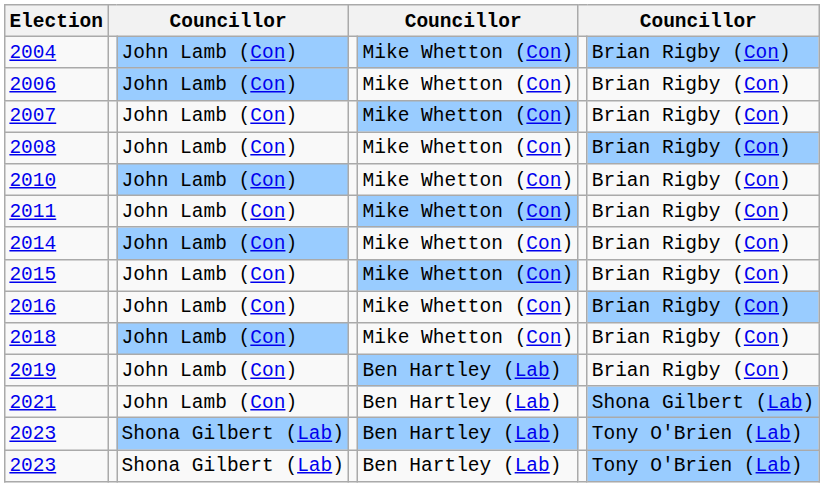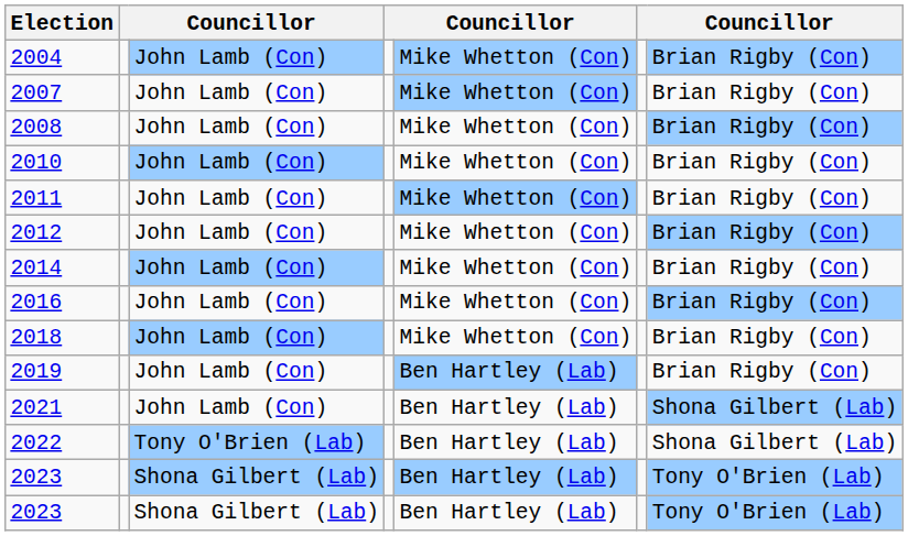 <table class="wikitable">
 <tr>
 <th>Election</th>
 <th colspan="2">Councillor</th>
 <th colspan="2">Councillor</th>
 <th colspan="2">Councillor</th>
 </tr>
 <tr>
 <td><a href='#'>2004</a></td>
 <td style="background-color: "></td>
 <td bgcolor="#99CCFF">John Lamb (<a href='#'>Con</a>)</td>
 <td style="background-color: "></td>
 <td bgcolor="#99CCFF">Mike Whetton (<a href='#'>Con</a>)</td>
 <td style="background-color: "></td>
 <td bgcolor="#99CCFF">Brian Rigby (<a href='#'>Con</a>)</td>
-</tr>
-<tr>
-<td><a href='#'>2006</a></td>
-<td style="background-color: "></td>
-<td bgcolor="#99CCFF">John Lamb (<a href='#'>Con</a>)</td>
-<td style="background-color: "></td>
-<td>Mike Whetton (<a href='#'>Con</a>)</td>
-<td style="background-color: "></td>
-<td>Brian Rigby (<a href='#'>Con</a>)</td>
 </tr>
 <tr>
 <td><a href='#'>2007</a></td>
 <td style="background-color: "></td>
 <td>John Lamb (<a href='#'>Con</a>)</td>
 <td style="background-color: "></td>
 <td bgcolor="#99CCFF">Mike Whetton (<a href='#'>Con</a>)</td>
 <td style="background-color: "></td>
 <td>Brian Rigby (<a href='#'>Con</a>)</td>
 </tr>
 <tr>
 <td><a href='#'>2008</a></td>
 <td style="background-color: "></td>
 <td>John Lamb (<a href='#'>Con</a>)</td>
 <td style="background-color: "></td>
 <td>Mike Whetton (<a href='#'>Con</a>)</td>
 <td style="background-color: "></td>
 <td bgcolor="#99CCFF">Brian Rigby (<a href='#'>Con</a>)</td>
 </tr>
 <tr>
 <td><a href='#'>2010</a></td>
 <td style="background-color: "></td>
 <td bgcolor="#99CCFF">John Lamb (<a href='#'>Con</a>)</td>
 <td style="background-color: "></td>
 <td>Mike Whetton (<a href='#'>Con</a>)</td>
 <td style="background-color: "></td>
 <td>Brian Rigby (<a href='#'>Con</a>)</td>
 </tr>
 <tr>
 <td><a href='#'>2011</a></td>
 <td style="background-color: "></td>
 <td>John Lamb (<a href='#'>Con</a>)</td>
 <td style="background-color: "></td>
 <td bgcolor="#99CCFF">Mike Whetton (<a href='#'>Con</a>)</td>
 <td style="background-color: "></td>
 <td>Brian Rigby (<a href='#'>Con</a>)</td>
 </tr>
 <tr>
+<td><a href='#'>2012</a></td>
+<td style="background-color: "></td>
+<td>John Lamb (<a href='#'>Con</a>)</td>
+<td style="background-color: "></td>
+<td>Mike Whetton (<a href='#'>Con</a>)</td>
+<td style="background-color: "></td>
+<td bgcolor="#99CCFF">Brian Rigby (<a href='#'>Con</a>)</td>
+</tr>
+<tr>
 <td><a href='#'>2014</a></td>
 <td style="background-color: "></td>
 <td bgcolor="#99CCFF">John Lamb (<a href='#'>Con</a>)</td>
 <td style="background-color: "></td>
 <td>Mike Whetton (<a href='#'>Con</a>)</td>
-<td style="background-color: "></td>
-<td>Brian Rigby (<a href='#'>Con</a>)</td>
-</tr>
-<tr>
-<td><a href='#'>2015</a></td>
-<td style="background-color: "></td>
-<td>John Lamb (<a href='#'>Con</a>)</td>
-<td style="background-color: "></td>
-<td bgcolor="#99CCFF">Mike Whetton (<a href='#'>Con</a>)</td>
 <td style="background-color: "></td>
 <td>Brian Rigby (<a href='#'>Con</a>)</td>
 </tr>
 <tr>
 <td><a href='#'>2016</a></td>
 <td style="background-color: "></td>
 <td>John Lamb (<a href='#'>Con</a>)</td>
 <td style="background-color: "></td>
 <td>Mike Whetton (<a href='#'>Con</a>)</td>
 <td style="background-color: "></td>
 <td bgcolor="#99CCFF">Brian Rigby (<a href='#'>Con</a>)</td>
 </tr>
 <tr>
 <td><a href='#'>2018</a></td>
 <td style="background-color: "></td>
 <td bgcolor="#99CCFF">John Lamb (<a href='#'>Con</a>)</td>
 <td style="background-color: "></td>
 <td>Mike Whetton (<a href='#'>Con</a>)</td>
 <td style="background-color: "></td>
 <td>Brian Rigby (<a href='#'>Con</a>)</td>
 </tr>
 <tr>
 <td><a href='#'>2019</a></td>
 <td style="background-color: "></td>
 <td>John Lamb (<a href='#'>Con</a>)</td>
 <td style="background-color: "></td>
 <td bgcolor="#99CCFF">Ben Hartley (<a href='#'>Lab</a>)</td>
 <td style="background-color: "></td>
 <td>Brian Rigby (<a href='#'>Con</a>)</td>
 </tr>
 <tr>
 <td><a href='#'>2021</a></td>
 <td style="background-color: "></td>
 <td>John Lamb (<a href='#'>Con</a>)</td>
 <td style="background-color: "></td>
 <td>Ben Hartley (<a href='#'>Lab</a>)</td>
 <td style="background-color: "></td>
 <td bgcolor="#99CCFF">Shona Gilbert (<a href='#'>Lab</a>)</td>
 </tr>
 <tr>
+<td><a href='#'>2022</a></td>
+<td style="background-color: "></td>
+<td bgcolor="#99CCFF">Tony O'Brien (<a href='#'>Lab</a>)</td>
+<td style="background-color: "></td>
+<td>Ben Hartley (<a href='#'>Lab</a>)</td>
+<td style="background-color: "></td>
+<td>Shona Gilbert (<a href='#'>Lab</a>)</td>
+</tr>
+<tr>
 <td><a href='#'>2023</a></td>
 <td style="background-color: "></td>
 <td bgcolor="#99CCFF">Shona Gilbert (<a href='#'>Lab</a>)</td>
 <td style="background-color: "></td>
 <td bgcolor="#99CCFF">Ben Hartley (<a href='#'>Lab</a>)</td>
 <td style="background-color: "></td>
 <td bgcolor="#99CCFF">Tony O'Brien (<a href='#'>Lab</a>)</td>
 </tr>
 <tr>
 <td><a href='#'>2023</a></td>
 <td style="background-color: "></td>
 <td bgcolor=>Shona Gilbert (<a href='#'>Lab</a>)</td>
 <td style="background-color: "></td>
 <td bgcolor=>Ben Hartley (<a href='#'>Lab</a>)</td>
 <td style="background-color: "></td>
 <td bgcolor="#99CCFF">Tony O'Brien (<a href='#'>Lab</a>)</td>
 </tr>
 </table>
